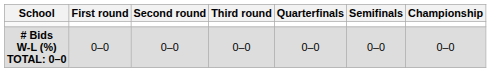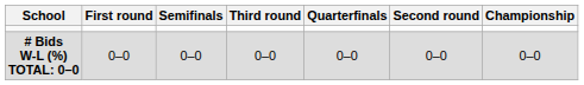 <table class="sortable wikitable" style="white-space:nowrap; font-size:90%;">
 <tr>
 <th>School</th>
 <th>First round</th>
-<th>Second round</th>
+<th>Semifinals</th>
 <th>Third round</th>
 <th>Quarterfinals</th>
-<th>Semifinals</th>
+<th>Second round</th>
 <th>Championship</th>
 </tr>
 <tr>
 <td></td>
 <td style="background:#fff;"></td>
 <td style="background:#fff;"></td>
 <td style="background:#fff;"></td>
 <td style="background:#fff;"></td>
 <td style="background:#fff;"></td>
 <td style="background:#fff;"></td>
 </tr>
 <tr class="sortbottom"  style="text-align:center; background:#ddd;">
 <td><strong># Bids<br>W-L (%)<br>TOTAL: 0–0 </strong></td>
 <td>0–0 </td>
 <td>0–0 </td>
 <td>0–0 </td>
 <td>0–0 </td>
 <td>0–0 </td>
 <td>0–0 </td>
 </tr>
 </table>
